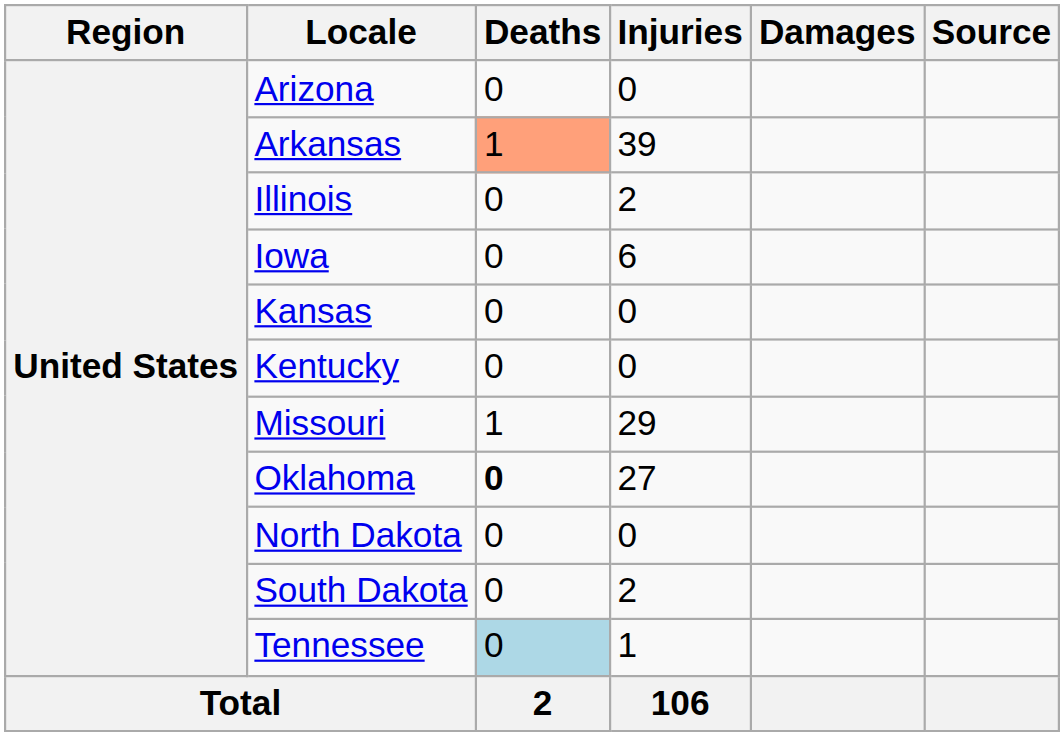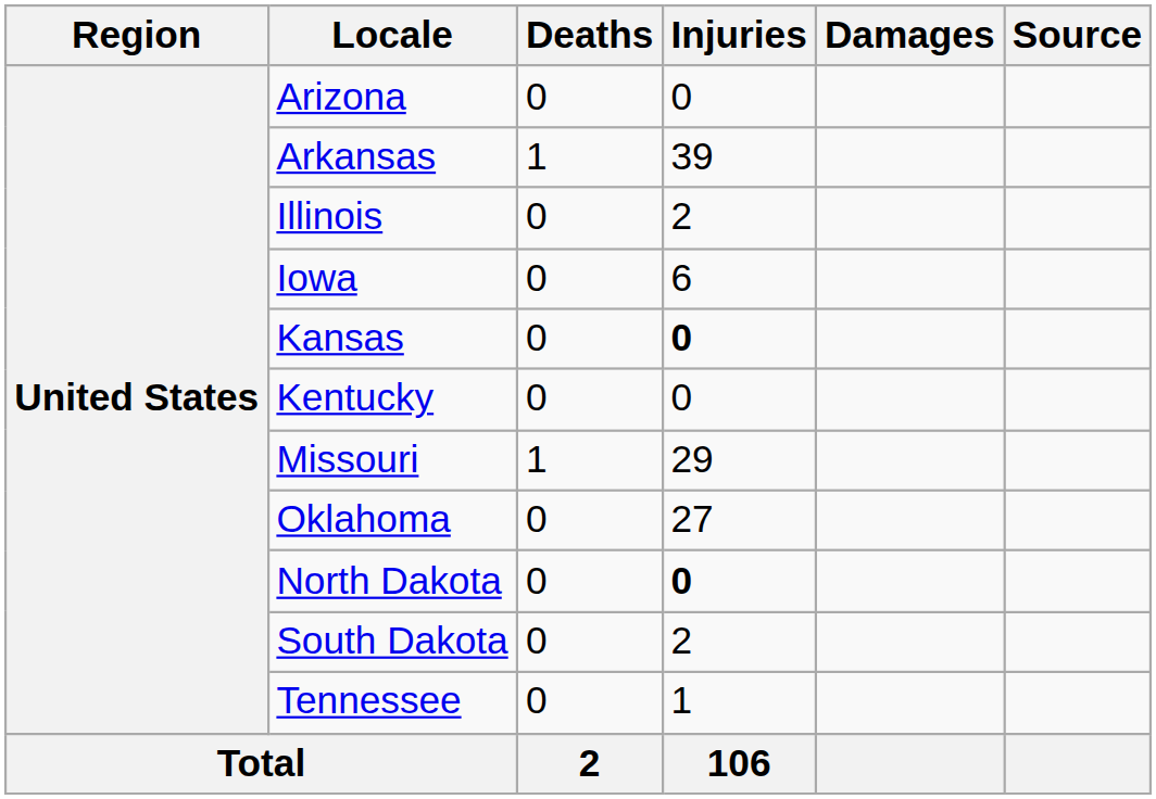 <table class="wikitable"  style="float:left; margin:10px;">
 <tr>
 <th>Region</th>
 <th>Locale</th>
 <th>Deaths</th>
 <th>Injuries</th>
 <th>Damages</th>
 <th>Source</th>
 </tr>
 <tr>
 <th rowspan="11">United States</th>
 <td rowspan="1"><a href='#'>Arizona</a></td>
 <td>0</td>
 <td>0</td>
 <td></td>
 <td></td>
 </tr>
 <tr>
 <td rowspan="1"><a href='#'>Arkansas</a></td>
-<td style="background: lightsalmon;">1</td>
+<td>1</td>
 <td>39</td>
 <td></td>
 <td></td>
 </tr>
 <tr>
 <td rowspan="1"><a href='#'>Illinois</a></td>
 <td>0</td>
 <td>2</td>
 <td></td>
 <td></td>
 </tr>
 <tr>
 <td rowspan="1"><a href='#'>Iowa</a></td>
 <td>0</td>
 <td>6</td>
 <td></td>
 <td></td>
 </tr>
 <tr>
 <td rowspan="1"><a href='#'>Kansas</a></td>
 <td>0</td>
-<td>0</td>
+<td><strong>0</strong></td>
 <td></td>
 <td></td>
 </tr>
 <tr>
 <td rowspan="1"><a href='#'>Kentucky</a></td>
 <td>0</td>
 <td>0</td>
 <td></td>
 <td></td>
 </tr>
 <tr>
 <td rowspan="1"><a href='#'>Missouri</a></td>
 <td>1</td>
 <td>29</td>
 <td></td>
 <td></td>
 </tr>
 <tr>
 <td rowspan="1"><a href='#'>Oklahoma</a></td>
-<td><strong>0</strong></td>
+<td>0</td>
 <td>27</td>
 <td></td>
 <td></td>
 </tr>
 <tr>
 <td rowspan="1"><a href='#'>North Dakota</a></td>
 <td>0</td>
-<td>0</td>
+<td><strong>0</strong></td>
 <td></td>
 <td></td>
 </tr>
 <tr>
 <td rowspan="1"><a href='#'>South Dakota</a></td>
 <td>0</td>
 <td>2</td>
 <td></td>
 <td></td>
 </tr>
 <tr>
 <td rowspan="1"><a href='#'>Tennessee</a></td>
-<td style="background: lightblue;">0</td>
+<td>0</td>
 <td>1</td>
 <td></td>
 <td></td>
 </tr>
 <tr>
 <th colspan="2">Total</th>
 <th colspan="">2</th>
 <th colspan="">106</th>
 <th colspan=""></th>
 <th colspan=""></th>
 </tr>
 </table>
